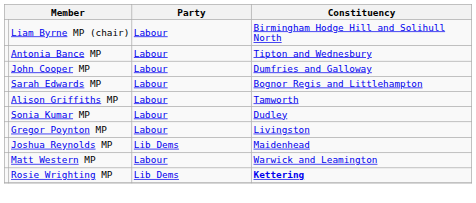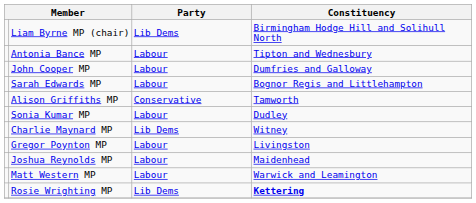 <table class="wikitable">
 <tr>
 <th width="160px" colspan="2">Member</th>
 <th width="160px">Party</th>
 <th width="300px">Constituency</th>
 </tr>
 <tr>
 <td style="color:inherit;background:"></td>
 <td><a href='#'>Liam Byrne</a> MP (chair)</td>
-<td><a href='#'>Labour</a></td>
+<td><a href='#'>Lib Dems</a></td>
 <td><a href='#'>Birmingham Hodge Hill and Solihull North</a></td>
 </tr>
 <tr>
 <td style="color:inherit;background:"></td>
 <td><a href='#'>Antonia Bance</a> MP</td>
 <td><a href='#'>Labour</a></td>
 <td><a href='#'>Tipton and Wednesbury</a></td>
 </tr>
 <tr>
 <td style="color:inherit;background:"></td>
 <td><a href='#'>John Cooper</a> MP</td>
 <td><a href='#'>Labour</a></td>
 <td><a href='#'>Dumfries and Galloway</a></td>
 </tr>
 <tr>
 <td style="color:inherit;background:"></td>
 <td><a href='#'>Sarah Edwards</a> MP</td>
 <td><a href='#'>Labour</a></td>
 <td><a href='#'>Bognor Regis and Littlehampton</a></td>
 </tr>
 <tr>
 <td style="color:inherit;background:"></td>
 <td><a href='#'>Alison Griffiths</a> MP</td>
-<td><a href='#'>Labour</a></td>
+<td><a href='#'>Conservative</a></td>
 <td><a href='#'>Tamworth</a></td>
 </tr>
 <tr>
 <td style="color:inherit;background:"></td>
 <td><a href='#'>Sonia Kumar</a> MP</td>
 <td><a href='#'>Labour</a></td>
 <td><a href='#'>Dudley</a></td>
 </tr>
 <tr>
 <td style="color:inherit;background:"></td>
+<td><a href='#'>Charlie Maynard</a> MP</td>
+<td><a href='#'>Lib Dems</a></td>
+<td><a href='#'>Witney</a></td>
+</tr>
+<tr>
+<td style="color:inherit;background:"></td>
 <td><a href='#'>Gregor Poynton</a> MP</td>
 <td><a href='#'>Labour</a></td>
 <td><a href='#'>Livingston</a></td>
 </tr>
 <tr>
 <td style="color:inherit;background:"></td>
 <td><a href='#'>Joshua Reynolds</a> MP</td>
-<td><a href='#'>Lib Dems</a></td>
+<td><a href='#'>Labour</a></td>
 <td><a href='#'>Maidenhead</a></td>
 </tr>
 <tr>
 <td style="color:inherit;background:"></td>
 <td><a href='#'>Matt Western</a> MP</td>
 <td><a href='#'>Labour</a></td>
 <td><a href='#'>Warwick and Leamington</a></td>
 </tr>
 <tr>
 <td style="color:inherit;background:"></td>
 <td><a href='#'>Rosie Wrighting</a> MP</td>
 <td><a href='#'>Lib Dems</a></td>
 <td><strong><a href='#'>Kettering</a></strong></td>
 </tr>
 <tr>
 </tr>
 </table>
